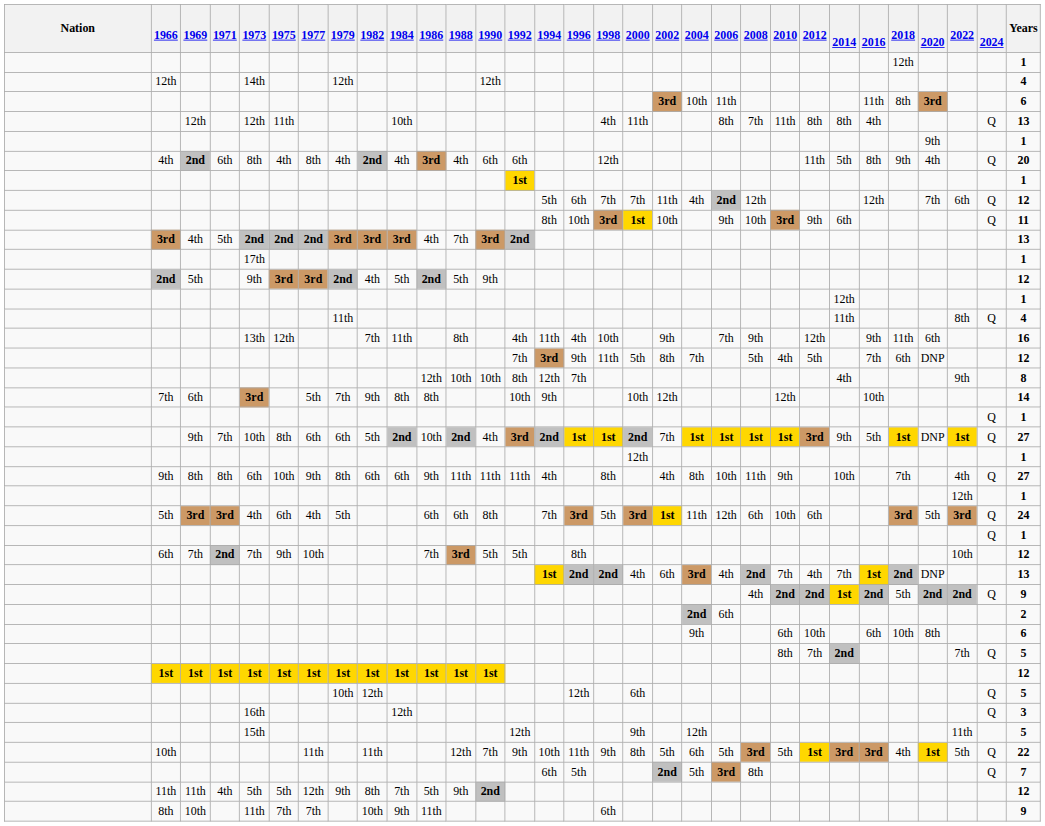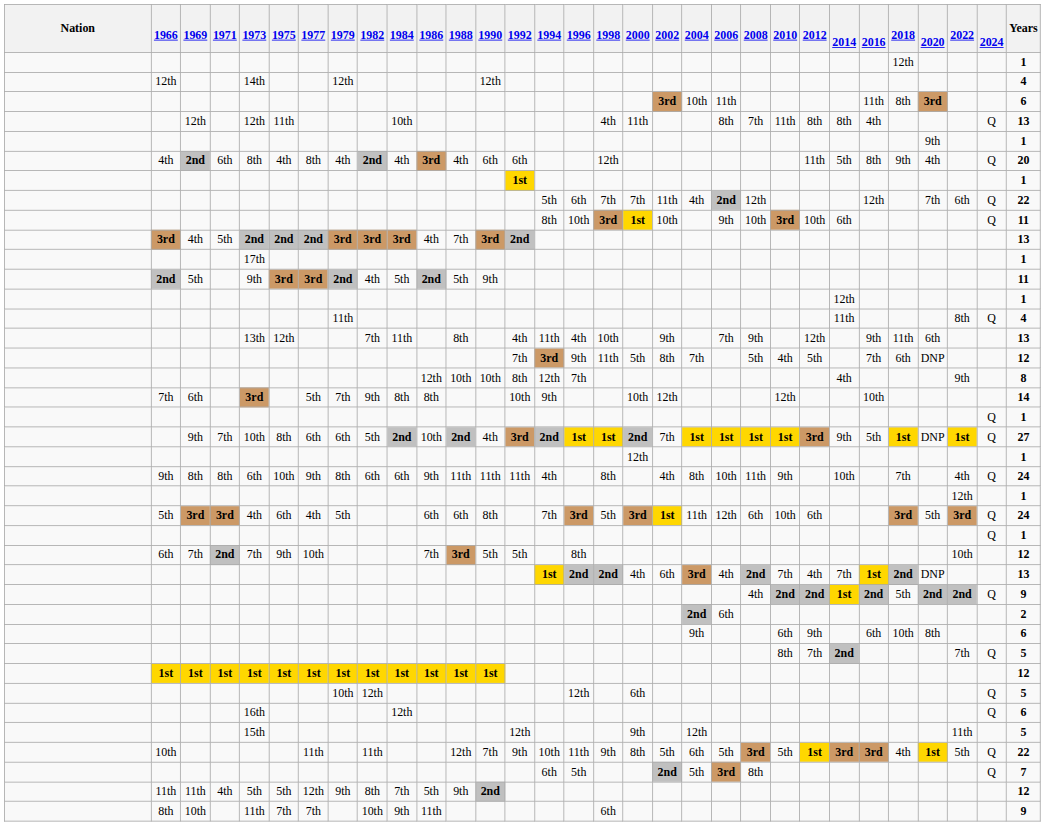 <table class="wikitable" style="text-align:center; font-size:90%">
 <tr>
 <th width=170>Nation</th>
 <th><br><a href='#'>1966</a></th>
 <th><br><a href='#'>1969</a></th>
 <th><br><a href='#'>1971</a></th>
 <th><br><a href='#'>1973</a></th>
 <th><br><a href='#'>1975</a></th>
 <th><br><a href='#'>1977</a></th>
 <th><br><a href='#'>1979</a></th>
 <th><br><a href='#'>1982</a></th>
 <th><br><a href='#'>1984</a></th>
 <th><br><a href='#'>1986</a></th>
 <th><br><a href='#'>1988</a></th>
 <th><br><a href='#'>1990</a></th>
 <th><br><a href='#'>1992</a></th>
 <th><br><a href='#'>1994</a></th>
 <th><br><a href='#'>1996</a></th>
 <th><br><a href='#'>1998</a></th>
 <th><br><a href='#'>2000</a></th>
 <th><br><a href='#'>2002</a></th>
 <th><br><a href='#'>2004</a></th>
 <th><br><a href='#'>2006</a></th>
 <th><br><a href='#'>2008</a></th>
 <th><br><a href='#'>2010</a></th>
 <th><br><a href='#'>2012</a></th>
 <th><br><br><a href='#'>2014</a></th>
 <th><br><br><a href='#'>2016</a></th>
 <th><br><a href='#'>2018</a></th>
 <th><br><br><a href='#'>2020</a></th>
 <th><br><a href='#'>2022</a></th>
 <th><br><br><a href='#'>2024</a></th>
 <th>Years</th>
 </tr>
 <tr>
 <td align=left></td>
 <td></td>
 <td></td>
 <td></td>
 <td></td>
 <td></td>
 <td></td>
 <td></td>
 <td></td>
 <td></td>
 <td></td>
 <td></td>
 <td></td>
 <td></td>
 <td></td>
 <td></td>
 <td></td>
 <td></td>
 <td></td>
 <td></td>
 <td></td>
 <td></td>
 <td></td>
 <td></td>
 <td></td>
 <td></td>
 <td>12th</td>
 <td></td>
 <td></td>
 <td></td>
 <td><strong>1</strong></td>
 </tr>
 <tr>
 <td align=left></td>
 <td>12th</td>
 <td></td>
 <td></td>
 <td>14th</td>
 <td></td>
 <td></td>
 <td>12th</td>
 <td></td>
 <td></td>
 <td></td>
 <td></td>
 <td>12th</td>
 <td></td>
 <td></td>
 <td></td>
 <td></td>
 <td></td>
 <td></td>
 <td></td>
 <td></td>
 <td></td>
 <td></td>
 <td></td>
 <td></td>
 <td></td>
 <td></td>
 <td></td>
 <td></td>
 <td></td>
 <td><strong>4</strong></td>
 </tr>
 <tr>
 <td align=left></td>
 <td></td>
 <td></td>
 <td></td>
 <td></td>
 <td></td>
 <td></td>
 <td></td>
 <td></td>
 <td></td>
 <td></td>
 <td></td>
 <td></td>
 <td></td>
 <td></td>
 <td></td>
 <td></td>
 <td></td>
 <td bgcolor=#cc9966><strong>3rd</strong></td>
 <td>10th</td>
 <td>11th</td>
 <td></td>
 <td></td>
 <td></td>
 <td></td>
 <td>11th</td>
 <td>8th</td>
 <td bgcolor=#cc9966><strong>3rd</strong></td>
 <td></td>
 <td></td>
 <td><strong>6</strong></td>
 </tr>
 <tr>
 <td align=left></td>
 <td></td>
 <td>12th</td>
 <td></td>
 <td>12th</td>
 <td>11th</td>
 <td></td>
 <td></td>
 <td></td>
 <td>10th</td>
 <td></td>
 <td></td>
 <td></td>
 <td></td>
 <td></td>
 <td></td>
 <td>4th</td>
 <td>11th</td>
 <td></td>
 <td></td>
 <td>8th</td>
 <td>7th</td>
 <td>11th</td>
 <td>8th</td>
 <td>8th</td>
 <td>4th</td>
 <td></td>
 <td></td>
 <td></td>
 <td>Q</td>
 <td><strong>13</strong></td>
 </tr>
 <tr>
 <td align=left></td>
 <td></td>
 <td></td>
 <td></td>
 <td></td>
 <td></td>
 <td></td>
 <td></td>
 <td></td>
 <td></td>
 <td></td>
 <td></td>
 <td></td>
 <td></td>
 <td></td>
 <td></td>
 <td></td>
 <td></td>
 <td></td>
 <td></td>
 <td></td>
 <td></td>
 <td></td>
 <td></td>
 <td></td>
 <td></td>
 <td></td>
 <td>9th</td>
 <td></td>
 <td></td>
 <td><strong>1</strong></td>
 </tr>
 <tr>
 <td align=left></td>
 <td>4th</td>
 <td bgcolor=silver><strong>2nd</strong></td>
 <td>6th</td>
 <td>8th</td>
 <td>4th</td>
 <td>8th</td>
 <td>4th</td>
 <td bgcolor=silver><strong>2nd</strong></td>
 <td>4th</td>
 <td bgcolor=#cc9966><strong>3rd</strong></td>
 <td>4th</td>
 <td>6th</td>
 <td>6th</td>
 <td></td>
 <td></td>
 <td>12th</td>
 <td></td>
 <td></td>
 <td></td>
 <td></td>
 <td></td>
 <td></td>
 <td>11th</td>
 <td>5th</td>
 <td>8th</td>
 <td>9th</td>
 <td>4th</td>
 <td></td>
 <td>Q</td>
 <td><strong>20</strong></td>
 </tr>
 <tr>
 <td align=left><em></em></td>
 <td></td>
 <td></td>
 <td></td>
 <td></td>
 <td></td>
 <td></td>
 <td></td>
 <td></td>
 <td></td>
 <td></td>
 <td></td>
 <td></td>
 <td bgcolor=gold><strong>1st</strong></td>
 <td></td>
 <td></td>
 <td></td>
 <td></td>
 <td></td>
 <td></td>
 <td></td>
 <td></td>
 <td></td>
 <td></td>
 <td></td>
 <td></td>
 <td></td>
 <td></td>
 <td></td>
 <td></td>
 <td><strong>1</strong></td>
 </tr>
 <tr>
 <td align=left></td>
 <td></td>
 <td></td>
 <td></td>
 <td></td>
 <td></td>
 <td></td>
 <td></td>
 <td></td>
 <td></td>
 <td></td>
 <td></td>
 <td></td>
 <td></td>
 <td>5th</td>
 <td>6th</td>
 <td>7th</td>
 <td>7th</td>
 <td>11th</td>
 <td>4th</td>
 <td bgcolor=silver><strong>2nd</strong></td>
 <td>12th</td>
 <td></td>
 <td></td>
 <td></td>
 <td>12th</td>
 <td></td>
 <td>7th</td>
 <td>6th</td>
 <td>Q</td>
-<td><strong>12</strong></td>
+<td><strong>22</strong></td>
 </tr>
 <tr>
 <td align=left></td>
 <td></td>
 <td></td>
 <td></td>
 <td></td>
 <td></td>
 <td></td>
 <td></td>
 <td></td>
 <td></td>
 <td></td>
 <td></td>
 <td></td>
 <td></td>
 <td>8th</td>
 <td>10th</td>
 <td bgcolor=#cc9966><strong>3rd</strong></td>
 <td bgcolor=gold><strong>1st</strong></td>
 <td>10th</td>
 <td></td>
 <td>9th</td>
 <td>10th</td>
 <td bgcolor=#cc9966><strong>3rd</strong></td>
-<td>9th</td>
+<td>10th</td>
 <td>6th</td>
 <td></td>
 <td></td>
 <td></td>
 <td></td>
 <td>Q</td>
 <td><strong>11</strong></td>
 </tr>
 <tr>
 <td align=left><em></em></td>
 <td bgcolor=#cc9966><strong>3rd</strong></td>
 <td>4th</td>
 <td>5th</td>
 <td bgcolor=silver><strong>2nd</strong></td>
 <td bgcolor=silver><strong>2nd</strong></td>
 <td bgcolor=silver><strong>2nd</strong></td>
 <td bgcolor=#cc9966><strong>3rd</strong></td>
 <td bgcolor=#cc9966><strong>3rd</strong></td>
 <td bgcolor=#cc9966><strong>3rd</strong></td>
 <td>4th</td>
 <td>7th</td>
 <td bgcolor=#cc9966><strong>3rd</strong></td>
 <td bgcolor=silver><strong>2nd</strong></td>
 <td></td>
 <td></td>
 <td></td>
 <td></td>
 <td></td>
 <td></td>
 <td></td>
 <td></td>
 <td></td>
 <td></td>
 <td></td>
 <td></td>
 <td></td>
 <td></td>
 <td></td>
 <td></td>
 <td><strong>13</strong></td>
 </tr>
 <tr>
 <td align=left></td>
 <td></td>
 <td></td>
 <td></td>
 <td>17th</td>
 <td></td>
 <td></td>
 <td></td>
 <td></td>
 <td></td>
 <td></td>
 <td></td>
 <td></td>
 <td></td>
 <td></td>
 <td></td>
 <td></td>
 <td></td>
 <td></td>
 <td></td>
 <td></td>
 <td></td>
 <td></td>
 <td></td>
 <td></td>
 <td></td>
 <td></td>
 <td></td>
 <td></td>
 <td></td>
 <td><strong>1</strong></td>
 </tr>
 <tr>
 <td align=left><em></em></td>
 <td bgcolor=silver><strong>2nd</strong></td>
 <td>5th</td>
 <td></td>
 <td>9th</td>
 <td bgcolor=#cc9966><strong>3rd</strong></td>
 <td bgcolor=#cc9966><strong>3rd</strong></td>
 <td bgcolor=silver><strong>2nd</strong></td>
 <td>4th</td>
 <td>5th</td>
 <td bgcolor=silver><strong>2nd</strong></td>
 <td>5th</td>
 <td>9th</td>
 <td></td>
 <td></td>
 <td></td>
 <td></td>
 <td></td>
 <td></td>
 <td></td>
 <td></td>
 <td></td>
 <td></td>
 <td></td>
 <td></td>
 <td></td>
 <td></td>
 <td></td>
 <td></td>
 <td></td>
-<td><strong>12</strong></td>
+<td><strong>11</strong></td>
 </tr>
 <tr>
 <td align=left></td>
 <td></td>
 <td></td>
 <td></td>
 <td></td>
 <td></td>
 <td></td>
 <td></td>
 <td></td>
 <td></td>
 <td></td>
 <td></td>
 <td></td>
 <td></td>
 <td></td>
 <td></td>
 <td></td>
 <td></td>
 <td></td>
 <td></td>
 <td></td>
 <td></td>
 <td></td>
 <td></td>
 <td>12th</td>
 <td></td>
 <td></td>
 <td></td>
 <td></td>
 <td></td>
 <td><strong>1</strong></td>
 </tr>
 <tr>
 <td align=left></td>
 <td></td>
 <td></td>
 <td></td>
 <td></td>
 <td></td>
 <td></td>
 <td>11th</td>
 <td></td>
 <td></td>
 <td></td>
 <td></td>
 <td></td>
 <td></td>
 <td></td>
 <td></td>
 <td></td>
 <td></td>
 <td></td>
 <td></td>
 <td></td>
 <td></td>
 <td></td>
 <td></td>
 <td>11th</td>
 <td></td>
 <td></td>
 <td></td>
 <td>8th</td>
 <td>Q</td>
 <td><strong>4</strong></td>
 </tr>
 <tr>
 <td align=left></td>
 <td></td>
 <td></td>
 <td></td>
 <td>13th</td>
 <td>12th</td>
 <td></td>
 <td></td>
 <td>7th</td>
 <td>11th</td>
 <td></td>
 <td>8th</td>
 <td></td>
 <td>4th</td>
 <td>11th</td>
 <td>4th</td>
 <td>10th</td>
 <td></td>
 <td>9th</td>
 <td></td>
 <td>7th</td>
 <td>9th</td>
 <td></td>
 <td>12th</td>
 <td></td>
 <td>9th</td>
 <td>11th</td>
 <td>6th</td>
 <td></td>
 <td></td>
-<td><strong>16</strong></td>
+<td><strong>13</strong></td>
 </tr>
 <tr>
 <td align=left></td>
 <td></td>
 <td></td>
 <td></td>
 <td></td>
 <td></td>
 <td></td>
 <td></td>
 <td></td>
 <td></td>
 <td></td>
 <td></td>
 <td></td>
 <td>7th</td>
 <td bgcolor=#cc9966><strong>3rd</strong></td>
 <td>9th</td>
 <td>11th</td>
 <td>5th</td>
 <td>8th</td>
 <td>7th</td>
 <td></td>
 <td>5th</td>
 <td>4th</td>
 <td>5th</td>
 <td></td>
 <td>7th</td>
 <td>6th</td>
 <td>DNP</td>
 <td></td>
 <td></td>
 <td><strong>12</strong></td>
 </tr>
 <tr>
 <td align=left></td>
 <td></td>
 <td></td>
 <td></td>
 <td></td>
 <td></td>
 <td></td>
 <td></td>
 <td></td>
 <td></td>
 <td>12th</td>
 <td>10th</td>
 <td>10th</td>
 <td>8th</td>
 <td>12th</td>
 <td>7th</td>
 <td></td>
 <td></td>
 <td></td>
 <td></td>
 <td></td>
 <td></td>
 <td></td>
 <td></td>
 <td>4th</td>
 <td></td>
 <td></td>
 <td></td>
 <td>9th</td>
 <td></td>
 <td><strong>8</strong></td>
 </tr>
 <tr>
 <td align=left></td>
 <td>7th</td>
 <td>6th</td>
 <td></td>
 <td bgcolor=#cc9966><strong>3rd</strong></td>
 <td></td>
 <td>5th</td>
 <td>7th</td>
 <td>9th</td>
 <td>8th</td>
 <td>8th</td>
 <td></td>
 <td></td>
 <td>10th</td>
 <td>9th</td>
 <td></td>
 <td></td>
 <td>10th</td>
 <td>12th</td>
 <td></td>
 <td></td>
 <td></td>
 <td>12th</td>
 <td></td>
 <td></td>
 <td>10th</td>
 <td></td>
 <td></td>
 <td></td>
 <td></td>
 <td><strong>14</strong></td>
 </tr>
 <tr>
 <td align=left></td>
 <td></td>
 <td></td>
 <td></td>
 <td></td>
 <td></td>
 <td></td>
 <td></td>
 <td></td>
 <td></td>
 <td></td>
 <td></td>
 <td></td>
 <td></td>
 <td></td>
 <td></td>
 <td></td>
 <td></td>
 <td></td>
 <td></td>
 <td></td>
 <td></td>
 <td></td>
 <td></td>
 <td></td>
 <td></td>
 <td></td>
 <td></td>
 <td></td>
 <td>Q</td>
 <td><strong>1</strong></td>
 </tr>
 <tr>
 <td align=left></td>
 <td></td>
 <td>9th</td>
 <td>7th</td>
 <td>10th</td>
 <td>8th</td>
 <td>6th</td>
 <td>6th</td>
 <td>5th</td>
 <td bgcolor=silver><strong>2nd</strong></td>
 <td>10th</td>
 <td bgcolor=silver><strong>2nd</strong></td>
 <td>4th</td>
 <td bgcolor=#cc9966><strong>3rd</strong></td>
 <td bgcolor=silver><strong>2nd</strong></td>
 <td bgcolor=gold><strong>1st</strong></td>
 <td bgcolor=gold><strong>1st</strong></td>
 <td bgcolor=silver><strong>2nd</strong></td>
 <td>7th</td>
 <td bgcolor=gold><strong>1st</strong></td>
 <td bgcolor=gold><strong>1st</strong></td>
 <td bgcolor=gold><strong>1st</strong></td>
 <td bgcolor=gold><strong>1st</strong></td>
 <td bgcolor=#cc9966><strong>3rd</strong></td>
 <td>9th</td>
 <td>5th</td>
 <td bgcolor=gold><strong>1st</strong></td>
 <td>DNP</td>
 <td bgcolor=gold><strong>1st</strong></td>
 <td>Q</td>
 <td><strong>27</strong></td>
 </tr>
 <tr>
 <td align=left></td>
 <td></td>
 <td></td>
 <td></td>
 <td></td>
 <td></td>
 <td></td>
 <td></td>
 <td></td>
 <td></td>
 <td></td>
 <td></td>
 <td></td>
 <td></td>
 <td></td>
 <td></td>
 <td></td>
 <td>12th</td>
 <td></td>
 <td></td>
 <td></td>
 <td></td>
 <td></td>
 <td></td>
 <td></td>
 <td></td>
 <td></td>
 <td></td>
 <td></td>
 <td></td>
 <td><strong>1</strong></td>
 </tr>
 <tr>
 <td align=left></td>
 <td>9th</td>
 <td>8th</td>
 <td>8th</td>
 <td>6th</td>
 <td>10th</td>
 <td>9th</td>
 <td>8th</td>
 <td>6th</td>
 <td>6th</td>
 <td>9th</td>
 <td>11th</td>
 <td>11th</td>
 <td>11th</td>
 <td>4th</td>
 <td></td>
 <td>8th</td>
 <td></td>
 <td>4th</td>
 <td>8th</td>
 <td>10th</td>
 <td>11th</td>
 <td>9th</td>
 <td></td>
 <td>10th</td>
 <td></td>
 <td>7th</td>
 <td></td>
 <td>4th</td>
 <td>Q</td>
-<td><strong>27</strong></td>
+<td><strong>24</strong></td>
 </tr>
 <tr>
 <td align=left></td>
 <td></td>
 <td></td>
 <td></td>
 <td></td>
 <td></td>
 <td></td>
 <td></td>
 <td></td>
 <td></td>
 <td></td>
 <td></td>
 <td></td>
 <td></td>
 <td></td>
 <td></td>
 <td></td>
 <td></td>
 <td></td>
 <td></td>
 <td></td>
 <td></td>
 <td></td>
 <td></td>
 <td></td>
 <td></td>
 <td></td>
 <td></td>
 <td>12th</td>
 <td></td>
 <td><strong>1</strong></td>
 </tr>
 <tr>
 <td align=left></td>
 <td>5th</td>
 <td bgcolor=#cc9966><strong>3rd</strong></td>
 <td bgcolor=#cc9966><strong>3rd</strong></td>
 <td>4th</td>
 <td>6th</td>
 <td>4th</td>
 <td>5th</td>
 <td></td>
 <td></td>
 <td>6th</td>
 <td>6th</td>
 <td>8th</td>
 <td></td>
 <td>7th</td>
 <td bgcolor=#cc9966><strong>3rd</strong></td>
 <td>5th</td>
 <td bgcolor=#cc9966><strong>3rd</strong></td>
 <td bgcolor=gold><strong>1st</strong></td>
 <td>11th</td>
 <td>12th</td>
 <td>6th</td>
 <td>10th</td>
 <td>6th</td>
 <td></td>
 <td></td>
 <td bgcolor=#cc9966><strong>3rd</strong></td>
 <td>5th</td>
 <td bgcolor=#cc9966><strong>3rd</strong></td>
 <td>Q</td>
 <td><strong>24</strong></td>
 </tr>
 <tr>
 <td align=left></td>
 <td></td>
 <td></td>
 <td></td>
 <td></td>
 <td></td>
 <td></td>
 <td></td>
 <td></td>
 <td></td>
 <td></td>
 <td></td>
 <td></td>
 <td></td>
 <td></td>
 <td></td>
 <td></td>
 <td></td>
 <td></td>
 <td></td>
 <td></td>
 <td></td>
 <td></td>
 <td></td>
 <td></td>
 <td></td>
 <td></td>
 <td></td>
 <td></td>
 <td>Q</td>
 <td><strong>1</strong></td>
 </tr>
 <tr>
 <td align=left></td>
 <td>6th</td>
 <td>7th</td>
 <td bgcolor=silver><strong>2nd</strong></td>
 <td>7th</td>
 <td>9th</td>
 <td>10th</td>
 <td></td>
 <td></td>
 <td></td>
 <td>7th</td>
 <td bgcolor=#cc9966><strong>3rd</strong></td>
 <td>5th</td>
 <td>5th</td>
 <td></td>
 <td>8th</td>
 <td></td>
 <td></td>
 <td></td>
 <td></td>
 <td></td>
 <td></td>
 <td></td>
 <td></td>
 <td></td>
 <td></td>
 <td></td>
 <td></td>
 <td>10th</td>
 <td></td>
 <td><strong>12</strong></td>
 </tr>
 <tr>
 <td align=left></td>
 <td></td>
 <td></td>
 <td></td>
 <td></td>
 <td></td>
 <td></td>
 <td></td>
 <td></td>
 <td></td>
 <td></td>
 <td></td>
 <td></td>
 <td></td>
 <td bgcolor=gold><strong>1st</strong></td>
 <td bgcolor=silver><strong>2nd</strong></td>
 <td bgcolor=silver><strong>2nd</strong></td>
 <td>4th</td>
 <td>6th</td>
 <td bgcolor=#cc9966><strong>3rd</strong></td>
 <td>4th</td>
 <td bgcolor=silver><strong>2nd</strong></td>
 <td>7th</td>
 <td>4th</td>
 <td>7th</td>
 <td bgcolor=gold><strong>1st</strong></td>
 <td bgcolor=silver><strong>2nd</strong></td>
 <td>DNP</td>
 <td></td>
 <td></td>
 <td><strong>13</strong></td>
 </tr>
 <tr>
 <td align=left></td>
 <td></td>
 <td></td>
 <td></td>
 <td></td>
 <td></td>
 <td></td>
 <td></td>
 <td></td>
 <td></td>
 <td></td>
 <td></td>
 <td></td>
 <td></td>
 <td></td>
 <td></td>
 <td></td>
 <td></td>
 <td></td>
 <td></td>
 <td></td>
 <td>4th</td>
 <td bgcolor=silver><strong>2nd</strong></td>
 <td bgcolor=silver><strong>2nd</strong></td>
 <td bgcolor=gold><strong>1st</strong></td>
 <td bgcolor=silver><strong>2nd</strong></td>
 <td>5th</td>
 <td bgcolor=silver><strong>2nd</strong></td>
 <td bgcolor=silver><strong>2nd</strong></td>
 <td>Q</td>
 <td><strong>9</strong></td>
 </tr>
 <tr>
 <td align=left><em></em></td>
 <td></td>
 <td></td>
 <td></td>
 <td></td>
 <td></td>
 <td></td>
 <td></td>
 <td></td>
 <td></td>
 <td></td>
 <td></td>
 <td></td>
 <td></td>
 <td></td>
 <td></td>
 <td></td>
 <td></td>
 <td></td>
 <td bgcolor=silver><strong>2nd</strong></td>
 <td>6th</td>
 <td></td>
 <td></td>
 <td></td>
 <td></td>
 <td></td>
 <td></td>
 <td></td>
 <td></td>
 <td></td>
 <td><strong>2</strong></td>
 </tr>
 <tr>
 <td align=left></td>
 <td></td>
 <td></td>
 <td></td>
 <td></td>
 <td></td>
 <td></td>
 <td></td>
 <td></td>
 <td></td>
 <td></td>
 <td></td>
 <td></td>
 <td></td>
 <td></td>
 <td></td>
 <td></td>
 <td></td>
 <td></td>
 <td>9th</td>
 <td></td>
 <td></td>
 <td>6th</td>
-<td>10th</td>
+<td>9th</td>
 <td></td>
 <td>6th</td>
 <td>10th</td>
 <td>8th</td>
 <td></td>
 <td></td>
 <td><strong>6</strong></td>
 </tr>
 <tr>
 <td align=left></td>
 <td></td>
 <td></td>
 <td></td>
 <td></td>
 <td></td>
 <td></td>
 <td></td>
 <td></td>
 <td></td>
 <td></td>
 <td></td>
 <td></td>
 <td></td>
 <td></td>
 <td></td>
 <td></td>
 <td></td>
 <td></td>
 <td></td>
 <td></td>
 <td></td>
 <td>8th</td>
 <td>7th</td>
 <td bgcolor=silver><strong>2nd</strong></td>
 <td></td>
 <td></td>
 <td></td>
 <td>7th</td>
 <td>Q</td>
 <td><strong>5</strong></td>
 </tr>
 <tr>
 <td align=left><em></em></td>
 <td bgcolor=gold><strong>1st</strong></td>
 <td bgcolor=gold><strong>1st</strong></td>
 <td bgcolor=gold><strong>1st</strong></td>
 <td bgcolor=gold><strong>1st</strong></td>
 <td bgcolor=gold><strong>1st</strong></td>
 <td bgcolor=gold><strong>1st</strong></td>
 <td bgcolor=gold><strong>1st</strong></td>
 <td bgcolor=gold><strong>1st</strong></td>
 <td bgcolor=gold><strong>1st</strong></td>
 <td bgcolor=gold><strong>1st</strong></td>
 <td bgcolor=gold><strong>1st</strong></td>
 <td bgcolor=gold><strong>1st</strong></td>
 <td></td>
 <td></td>
 <td></td>
 <td></td>
 <td></td>
 <td></td>
 <td></td>
 <td></td>
 <td></td>
 <td></td>
 <td></td>
 <td></td>
 <td></td>
 <td></td>
 <td></td>
 <td></td>
 <td></td>
 <td><strong>12</strong></td>
 </tr>
 <tr>
 <td align=left></td>
 <td></td>
 <td></td>
 <td></td>
 <td></td>
 <td></td>
 <td></td>
 <td>10th</td>
 <td>12th</td>
 <td></td>
 <td></td>
 <td></td>
 <td></td>
 <td></td>
 <td></td>
 <td>12th</td>
 <td></td>
 <td>6th</td>
 <td></td>
 <td></td>
 <td></td>
 <td></td>
 <td></td>
 <td></td>
 <td></td>
 <td></td>
 <td></td>
 <td></td>
 <td></td>
 <td>Q</td>
 <td><strong>5</strong></td>
 </tr>
 <tr>
 <td align=left></td>
 <td></td>
 <td></td>
 <td></td>
 <td>16th</td>
 <td></td>
 <td></td>
 <td></td>
 <td></td>
 <td>12th</td>
 <td></td>
 <td></td>
 <td></td>
 <td></td>
 <td></td>
 <td></td>
 <td></td>
 <td></td>
 <td></td>
 <td></td>
 <td></td>
 <td></td>
 <td></td>
 <td></td>
 <td></td>
 <td></td>
 <td></td>
 <td></td>
 <td></td>
 <td>Q</td>
-<td><strong>3</strong></td>
+<td><strong>6</strong></td>
 </tr>
 <tr>
 <td align=left></td>
 <td></td>
 <td></td>
 <td></td>
 <td>15th</td>
 <td></td>
 <td></td>
 <td></td>
 <td></td>
 <td></td>
 <td></td>
 <td></td>
 <td></td>
 <td>12th</td>
 <td></td>
 <td></td>
 <td></td>
 <td>9th</td>
 <td></td>
 <td>12th</td>
 <td></td>
 <td></td>
 <td></td>
 <td></td>
 <td></td>
 <td></td>
 <td></td>
 <td></td>
 <td>11th</td>
 <td></td>
 <td><strong>5</strong></td>
 </tr>
 <tr>
 <td align=left></td>
 <td>10th</td>
 <td></td>
 <td></td>
 <td></td>
 <td></td>
 <td>11th</td>
 <td></td>
 <td>11th</td>
 <td></td>
 <td></td>
 <td>12th</td>
 <td>7th</td>
 <td>9th</td>
 <td>10th</td>
 <td>11th</td>
 <td>9th</td>
 <td>8th</td>
 <td>5th</td>
 <td>6th</td>
 <td>5th</td>
 <td bgcolor=#cc9966><strong>3rd</strong></td>
 <td>5th</td>
 <td bgcolor=gold><strong>1st</strong></td>
 <td bgcolor=#cc9966><strong>3rd</strong></td>
 <td bgcolor=#cc9966><strong>3rd</strong></td>
 <td>4th</td>
 <td bgcolor=gold><strong>1st</strong></td>
 <td>5th</td>
 <td>Q</td>
 <td><strong>22</strong></td>
 </tr>
 <tr>
 <td align=left></td>
 <td></td>
 <td></td>
 <td></td>
 <td></td>
 <td></td>
 <td></td>
 <td></td>
 <td></td>
 <td></td>
 <td></td>
 <td></td>
 <td></td>
 <td></td>
 <td>6th</td>
 <td>5th</td>
 <td></td>
 <td></td>
 <td bgcolor=silver><strong>2nd</strong></td>
 <td>5th</td>
 <td bgcolor=#cc9966><strong>3rd</strong></td>
 <td>8th</td>
 <td></td>
 <td></td>
 <td></td>
 <td></td>
 <td></td>
 <td></td>
 <td></td>
 <td>Q</td>
 <td><strong>7</strong></td>
 </tr>
 <tr>
 <td align=left><em></em></td>
 <td>11th</td>
 <td>11th</td>
 <td>4th</td>
 <td>5th</td>
 <td>5th</td>
 <td>12th</td>
 <td>9th</td>
 <td>8th</td>
 <td>7th</td>
 <td>5th</td>
 <td>9th</td>
 <td bgcolor=silver><strong>2nd</strong></td>
 <td></td>
 <td></td>
 <td></td>
 <td></td>
 <td></td>
 <td></td>
 <td></td>
 <td></td>
 <td></td>
 <td></td>
 <td></td>
 <td></td>
 <td></td>
 <td></td>
 <td></td>
 <td></td>
 <td></td>
 <td><strong>12</strong></td>
 </tr>
 <tr>
 <td align=left><em></em></td>
 <td>8th</td>
 <td>10th</td>
 <td></td>
 <td>11th</td>
 <td>7th</td>
 <td>7th</td>
 <td></td>
 <td>10th</td>
 <td>9th</td>
 <td>11th</td>
 <td></td>
 <td></td>
 <td></td>
 <td></td>
 <td></td>
 <td>6th</td>
 <td></td>
 <td></td>
 <td></td>
 <td></td>
 <td></td>
 <td></td>
 <td></td>
 <td></td>
 <td></td>
 <td></td>
 <td></td>
 <td></td>
 <td></td>
 <td><strong>9</strong></td>
 </tr>
 </table>
